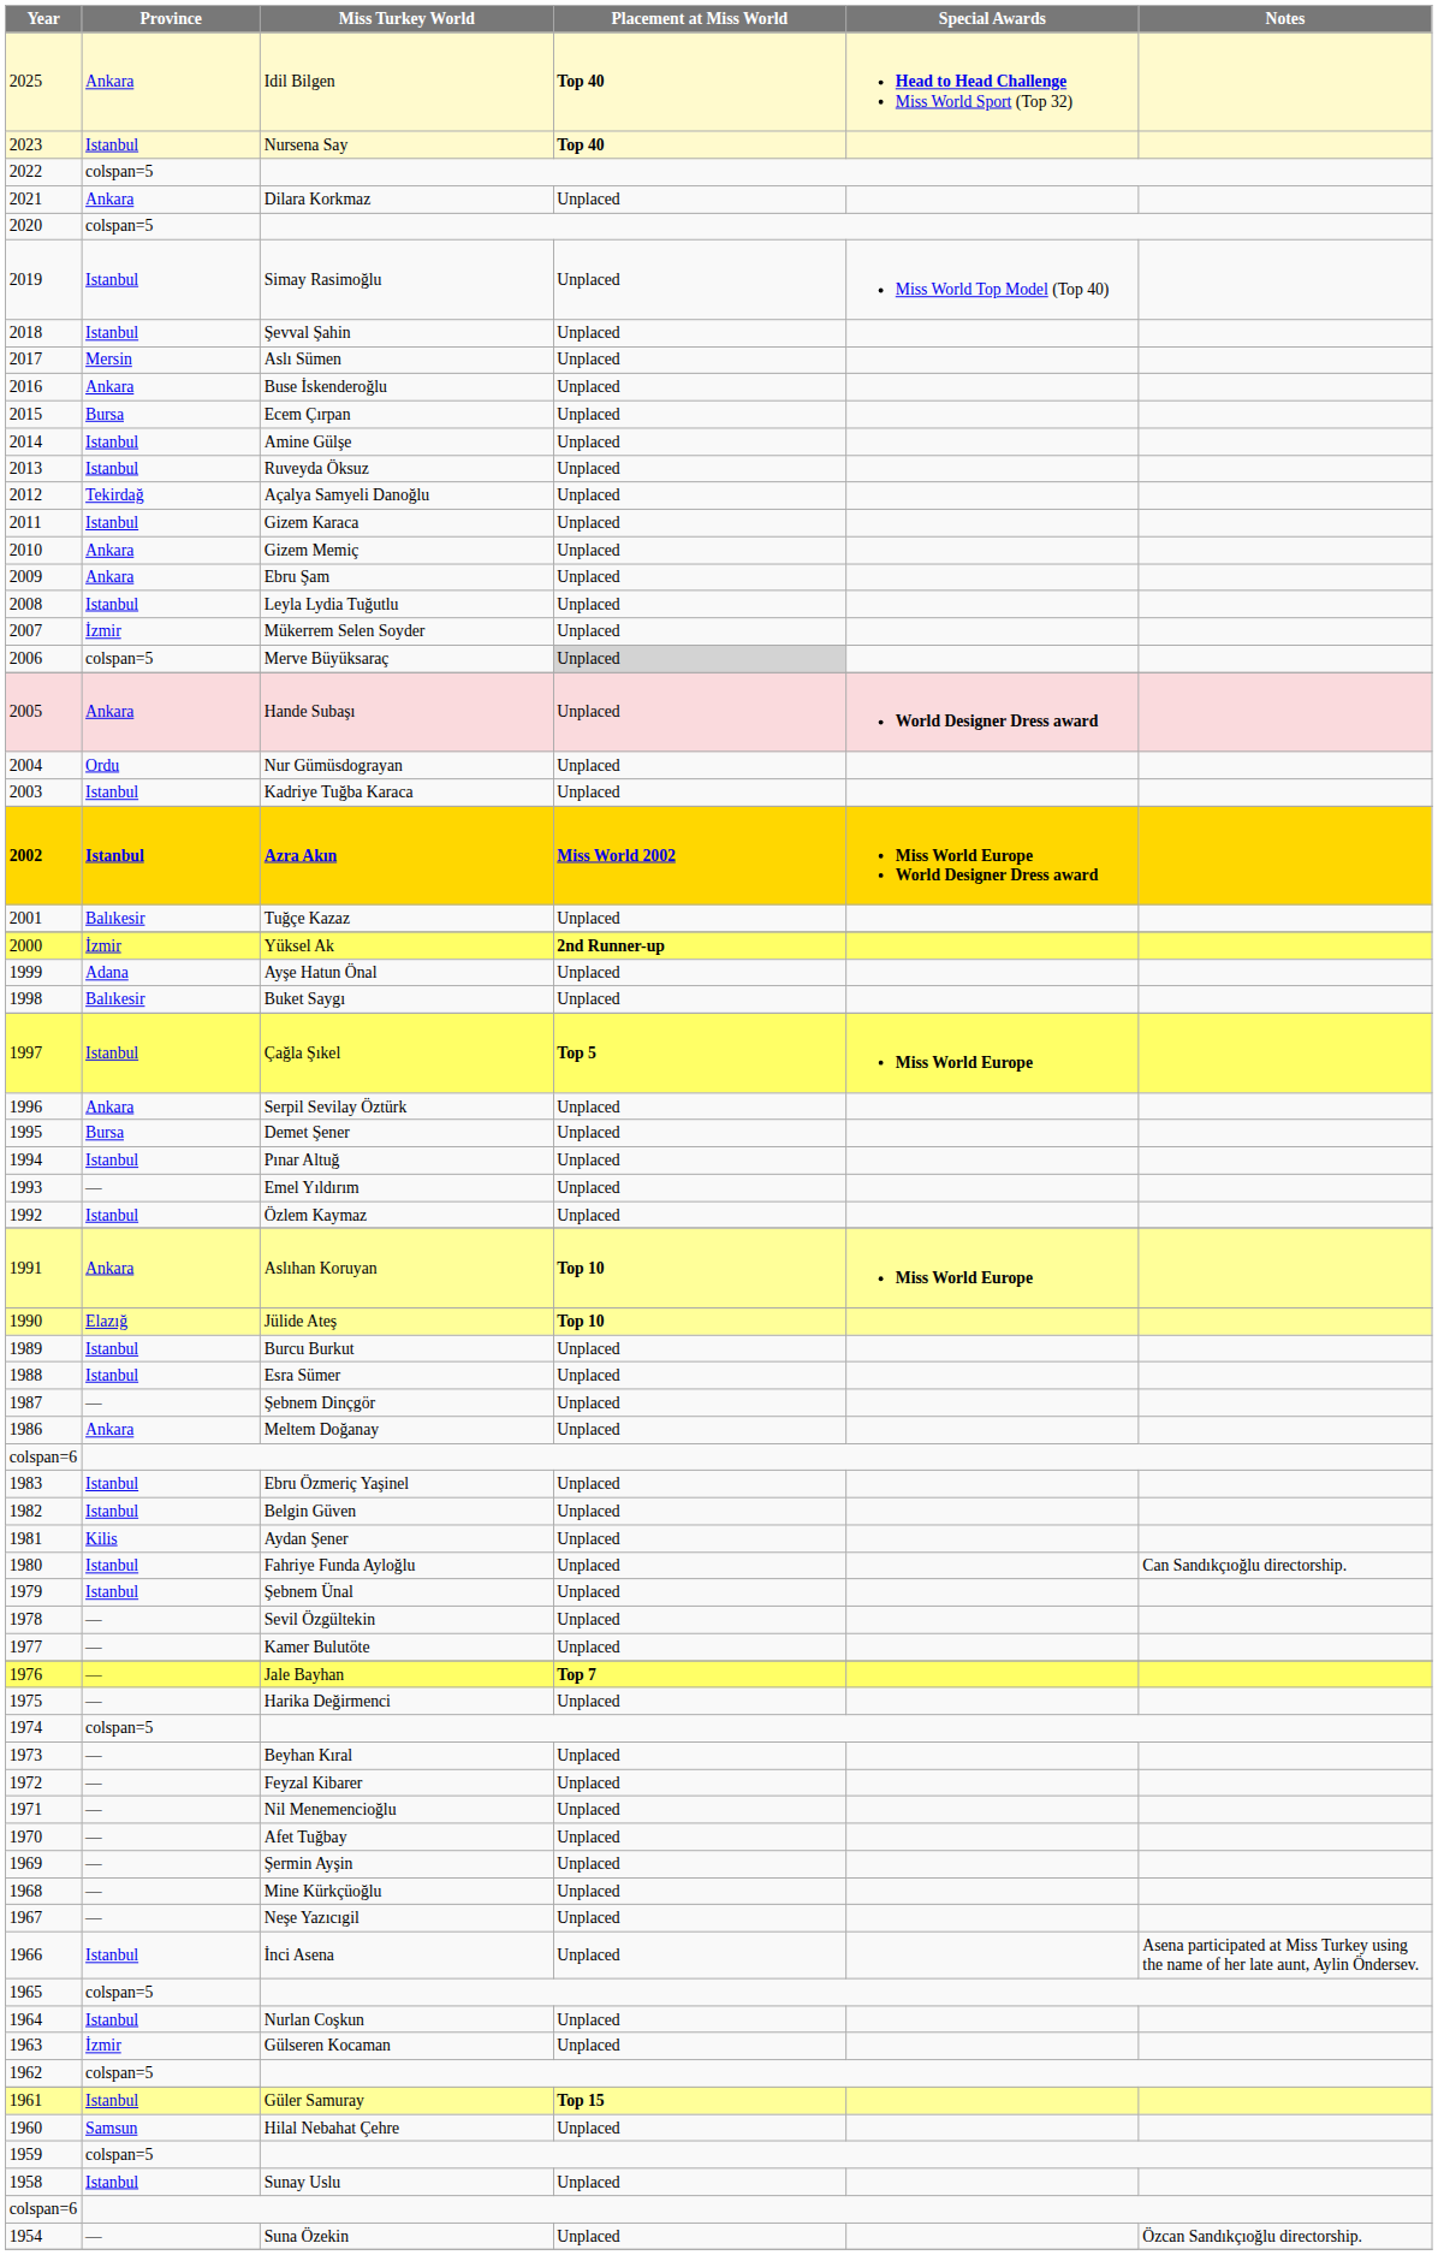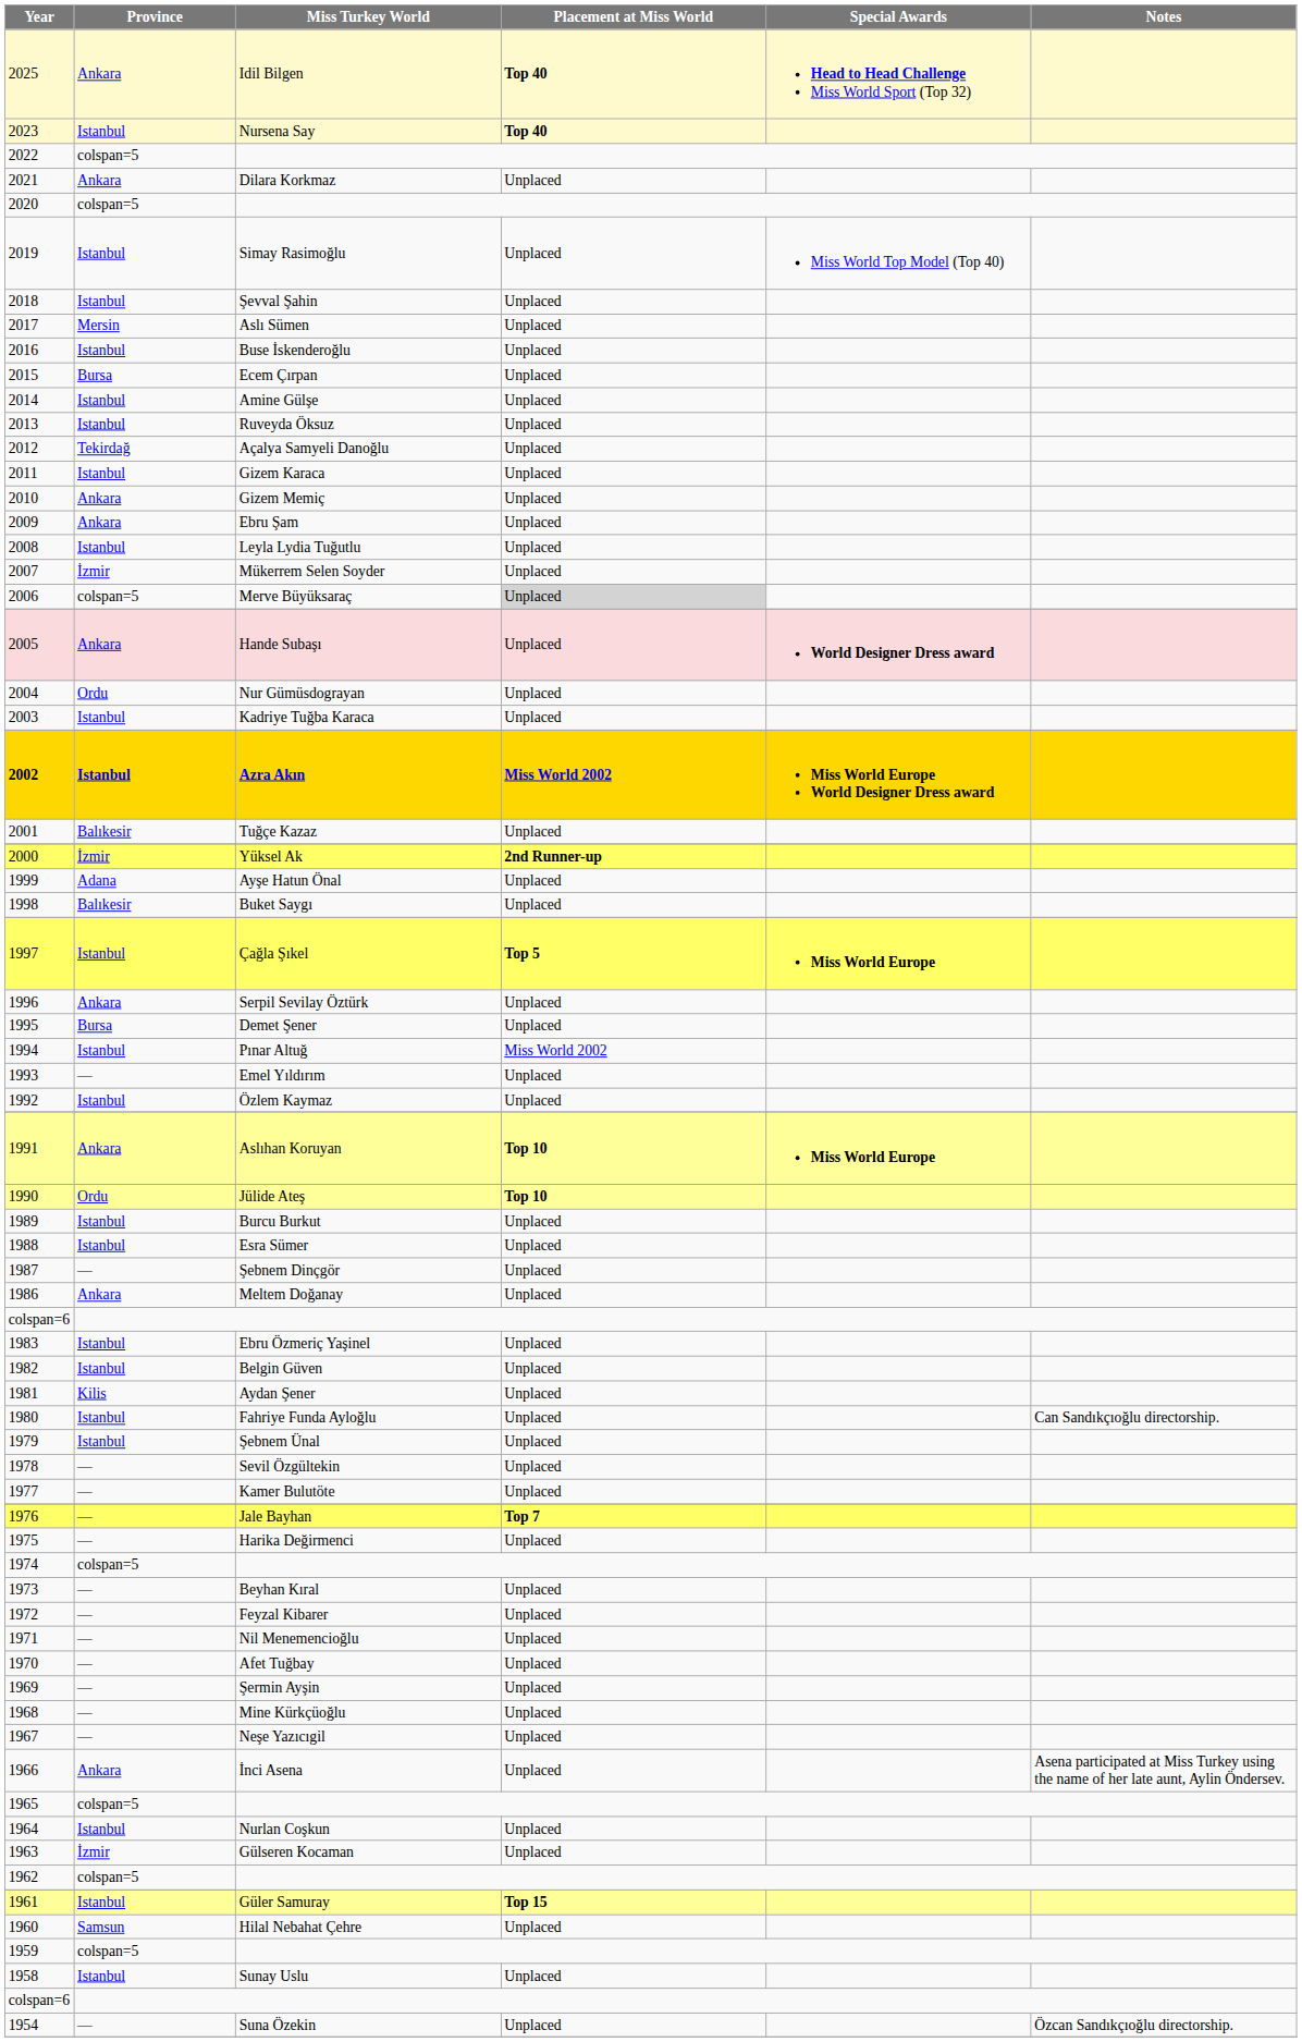 <table class="wikitable " style="font-size: 90%;">
 <tr>
 <th width="60" style="background-color:#787878;color:#FFFFFF;">Year</th>
 <th width="150" style="background-color:#787878;color:#FFFFFF;">Province</th>
 <th width="250" style="background-color:#787878;color:#FFFFFF;">Miss Turkey World</th>
 <th width="250" style="background-color:#787878;color:#FFFFFF;">Placement at Miss World</th>
 <th width="250" style="background-color:#787878;color:#FFFFFF;">Special Awards</th>
 <th width="250" style="background-color:#787878;color:#FFFFFF;">Notes</th>
 </tr>
 <tr style="background-color:#FFFACD;">
 <td>2025</td>
 <td><a href='#'>Ankara</a></td>
 <td>Idil Bilgen</td>
 <td><strong>Top 40</strong></td>
 <td align="left"><br><ul><li><strong><a href='#'>Head to Head Challenge</a></strong></li><li><a href='#'>Miss World Sport</a> (Top 32)</li></ul></td>
 <td></td>
 </tr>
 <tr style="background-color:#FFFACD;">
 <td>2023</td>
 <td><a href='#'>Istanbul</a></td>
 <td>Nursena Say</td>
 <td><strong>Top 40</strong></td>
 <td></td>
 <td></td>
 </tr>
 <tr>
 <td>2022</td>
 <td>colspan=5 </td>
 </tr>
 <tr>
 <td>2021</td>
 <td><a href='#'>Ankara</a></td>
 <td>Dilara Korkmaz</td>
 <td>Unplaced</td>
 <td></td>
 <td></td>
 </tr>
 <tr>
 <td>2020</td>
 <td>colspan=5 </td>
 </tr>
 <tr>
 <td>2019</td>
 <td><a href='#'>Istanbul</a></td>
 <td>Simay Rasimoğlu</td>
 <td>Unplaced</td>
 <td align="left"><br><ul><li><a href='#'>Miss World Top Model</a> (Top 40)</li></ul></td>
 <td></td>
 </tr>
 <tr>
 <td>2018</td>
 <td><a href='#'>Istanbul</a></td>
 <td>Şevval Şahin</td>
 <td>Unplaced</td>
 <td></td>
 <td></td>
 </tr>
 <tr>
 <td>2017</td>
 <td><a href='#'>Mersin</a></td>
 <td>Aslı Sümen</td>
 <td>Unplaced</td>
 <td></td>
 <td></td>
 </tr>
 <tr>
 <td>2016</td>
-<td><a href='#'>Ankara</a></td>
+<td><a href='#'>Istanbul</a></td>
 <td>Buse İskenderoğlu</td>
 <td>Unplaced</td>
 <td></td>
 <td></td>
 </tr>
 <tr>
 <td>2015</td>
 <td><a href='#'>Bursa</a></td>
 <td>Ecem Çırpan</td>
 <td>Unplaced</td>
 <td></td>
 <td></td>
 </tr>
 <tr>
 <td>2014</td>
 <td><a href='#'>Istanbul</a></td>
 <td>Amine Gülşe</td>
 <td>Unplaced</td>
 <td></td>
 <td></td>
 </tr>
 <tr>
 <td>2013</td>
 <td><a href='#'>Istanbul</a></td>
 <td>Ruveyda Öksuz</td>
 <td>Unplaced</td>
 <td></td>
 <td></td>
 </tr>
 <tr>
 <td>2012</td>
 <td><a href='#'>Tekirdağ</a></td>
 <td>Açalya Samyeli Danoğlu</td>
 <td>Unplaced</td>
 <td></td>
 <td></td>
 </tr>
 <tr>
 <td>2011</td>
 <td><a href='#'>Istanbul</a></td>
 <td>Gizem Karaca</td>
 <td>Unplaced</td>
 <td></td>
 <td></td>
 </tr>
 <tr>
 <td>2010</td>
 <td><a href='#'>Ankara</a></td>
 <td>Gizem Memiç</td>
 <td>Unplaced</td>
 <td></td>
 <td></td>
 </tr>
 <tr>
 <td>2009</td>
 <td><a href='#'>Ankara</a></td>
 <td>Ebru Şam</td>
 <td>Unplaced</td>
 <td></td>
 <td></td>
 </tr>
 <tr>
 <td>2008</td>
 <td><a href='#'>Istanbul</a></td>
 <td>Leyla Lydia Tuğutlu</td>
 <td>Unplaced</td>
 <td></td>
 <td></td>
 </tr>
 <tr>
 <td>2007</td>
 <td><a href='#'>İzmir</a></td>
 <td>Mükerrem Selen Soyder</td>
 <td>Unplaced</td>
 <td></td>
 <td></td>
 </tr>
 <tr>
 <td>2006</td>
 <td>colspan=5 </td>
 <td>Merve Büyüksaraç</td>
 <td style="background: lightgrey;">Unplaced</td>
 <td></td>
 <td></td>
 </tr>
 <tr>
 </tr>
 <tr style="background-color:#FADADD;">
 <td>2005</td>
 <td><a href='#'>Ankara</a></td>
 <td>Hande Subaşı</td>
 <td>Unplaced</td>
 <td align="left"><br><ul><li><strong>World Designer Dress award</strong></li></ul></td>
 <td></td>
 </tr>
 <tr>
 <td>2004</td>
 <td><a href='#'>Ordu</a></td>
 <td>Nur Gümüsdograyan</td>
 <td>Unplaced</td>
 <td></td>
 <td></td>
 </tr>
 <tr>
 <td>2003</td>
 <td><a href='#'>Istanbul</a></td>
 <td>Kadriye Tuğba Karaca</td>
 <td>Unplaced</td>
 <td></td>
 <td></td>
 </tr>
 <tr>
 </tr>
 <tr style="background-color:gold; font-weight: bold">
 <td>2002</td>
 <td><a href='#'>Istanbul</a></td>
 <td><a href='#'>Azra Akın</a></td>
 <td><a href='#'>Miss World 2002</a></td>
 <td align="left"><br><ul><li>Miss World Europe</li><li>World Designer Dress award</li></ul></td>
 <td></td>
 </tr>
 <tr>
 <td>2001</td>
 <td><a href='#'>Balıkesir</a></td>
 <td>Tuğçe Kazaz</td>
 <td>Unplaced</td>
 <td></td>
 <td></td>
 </tr>
 <tr>
 </tr>
 <tr style="background-color:#FFFF66;">
 <td>2000</td>
 <td><a href='#'>İzmir</a></td>
 <td>Yüksel Ak</td>
 <td><strong>2nd Runner-up</strong></td>
 <td></td>
 <td></td>
 </tr>
 <tr>
 <td>1999</td>
 <td><a href='#'>Adana</a></td>
 <td>Ayşe Hatun Önal</td>
 <td>Unplaced</td>
 <td></td>
 <td></td>
 </tr>
 <tr>
 <td>1998</td>
 <td><a href='#'>Balıkesir</a></td>
 <td>Buket Saygı</td>
 <td>Unplaced</td>
 <td></td>
 <td></td>
 </tr>
 <tr>
 </tr>
 <tr style="background-color:#FFFF66;">
 <td>1997</td>
 <td><a href='#'>Istanbul</a></td>
 <td>Çağla Şıkel</td>
 <td><strong>Top 5</strong></td>
 <td align="left"><br><ul><li><strong>Miss World Europe</strong></li></ul></td>
 <td></td>
 </tr>
 <tr>
 <td>1996</td>
 <td><a href='#'>Ankara</a></td>
 <td>Serpil Sevilay Öztürk</td>
 <td>Unplaced</td>
 <td></td>
 <td></td>
 </tr>
 <tr>
 <td>1995</td>
 <td><a href='#'>Bursa</a></td>
 <td>Demet Şener</td>
 <td>Unplaced</td>
 <td></td>
 <td></td>
 </tr>
 <tr>
 <td>1994</td>
 <td><a href='#'>Istanbul</a></td>
 <td>Pınar Altuğ</td>
-<td>Unplaced</td>
+<td><a href='#'>Miss World 2002</a></td>
 <td></td>
 <td></td>
 </tr>
 <tr>
 <td>1993</td>
 <td>—</td>
 <td>Emel Yıldırım</td>
 <td>Unplaced</td>
 <td></td>
 <td></td>
 </tr>
 <tr>
 <td>1992</td>
 <td><a href='#'>Istanbul</a></td>
 <td>Özlem Kaymaz</td>
 <td>Unplaced</td>
 <td></td>
 <td></td>
 </tr>
 <tr>
 </tr>
 <tr style="background-color:#FFFF99;">
 <td>1991</td>
 <td><a href='#'>Ankara</a></td>
 <td>Aslıhan Koruyan</td>
 <td><strong>Top 10</strong></td>
 <td align="left"><br><ul><li><strong>Miss World Europe</strong></li></ul></td>
 <td></td>
 </tr>
 <tr>
 </tr>
 <tr style="background-color:#FFFF99;">
 <td>1990</td>
-<td><a href='#'>Elazığ</a></td>
+<td><a href='#'>Ordu</a></td>
 <td>Jülide Ateş</td>
 <td><strong>Top 10</strong></td>
 <td></td>
 <td></td>
 </tr>
 <tr>
 <td>1989</td>
 <td><a href='#'>Istanbul</a></td>
 <td>Burcu Burkut</td>
 <td>Unplaced</td>
 <td></td>
 <td></td>
 </tr>
 <tr>
 <td>1988</td>
 <td><a href='#'>Istanbul</a></td>
 <td>Esra Sümer</td>
 <td>Unplaced</td>
 <td></td>
 <td></td>
 </tr>
 <tr>
 <td>1987</td>
 <td>—</td>
 <td>Şebnem Dinçgör</td>
 <td>Unplaced</td>
 <td></td>
 <td></td>
 </tr>
 <tr>
 <td>1986</td>
 <td><a href='#'>Ankara</a></td>
 <td>Meltem Doğanay</td>
 <td>Unplaced</td>
 <td></td>
 <td></td>
 </tr>
 <tr>
 <td>colspan=6 </td>
 </tr>
 <tr>
 <td>1983</td>
 <td><a href='#'>Istanbul</a></td>
 <td>Ebru Özmeriç Yaşinel</td>
 <td>Unplaced</td>
 <td></td>
 <td></td>
 </tr>
 <tr>
 <td>1982</td>
 <td><a href='#'>Istanbul</a></td>
 <td>Belgin Güven</td>
 <td>Unplaced</td>
 <td></td>
 <td></td>
 </tr>
 <tr>
 <td>1981</td>
 <td><a href='#'>Kilis</a></td>
 <td>Aydan Şener</td>
 <td>Unplaced</td>
 <td></td>
 <td></td>
 </tr>
 <tr>
 <td>1980</td>
 <td><a href='#'>Istanbul</a></td>
 <td>Fahriye Funda Ayloğlu</td>
 <td>Unplaced</td>
 <td></td>
 <td>Can Sandıkçıoğlu directorship.</td>
 </tr>
 <tr>
 <td>1979</td>
 <td><a href='#'>Istanbul</a></td>
 <td>Şebnem Ünal</td>
 <td>Unplaced</td>
 <td></td>
 <td></td>
 </tr>
 <tr>
 <td>1978</td>
 <td>—</td>
 <td>Sevil Özgültekin</td>
 <td>Unplaced</td>
 <td></td>
 <td></td>
 </tr>
 <tr>
 <td>1977</td>
 <td>—</td>
 <td>Kamer Bulutöte</td>
 <td>Unplaced</td>
 <td></td>
 <td></td>
 </tr>
 <tr>
 </tr>
 <tr style="background-color:#FFFF66;">
 <td>1976</td>
 <td>—</td>
 <td>Jale Bayhan</td>
 <td><strong>Top 7</strong></td>
 <td></td>
 <td></td>
 </tr>
 <tr>
 <td>1975</td>
 <td>—</td>
 <td>Harika Değirmenci</td>
 <td>Unplaced</td>
 <td></td>
 <td></td>
 </tr>
 <tr>
 <td>1974</td>
 <td>colspan=5 </td>
 </tr>
 <tr>
 <td>1973</td>
 <td>—</td>
 <td>Beyhan Kıral</td>
 <td>Unplaced</td>
 <td></td>
 <td></td>
 </tr>
 <tr>
 <td>1972</td>
 <td>—</td>
 <td>Feyzal Kibarer</td>
 <td>Unplaced</td>
 <td></td>
 <td></td>
 </tr>
 <tr>
 <td>1971</td>
 <td>—</td>
 <td>Nil Menemencioğlu</td>
 <td>Unplaced</td>
 <td></td>
 <td></td>
 </tr>
 <tr>
 <td>1970</td>
 <td>—</td>
 <td>Afet Tuğbay</td>
 <td>Unplaced</td>
 <td></td>
 <td></td>
 </tr>
 <tr>
 <td>1969</td>
 <td>—</td>
 <td>Şermin Ayşin</td>
 <td>Unplaced</td>
 <td></td>
 <td></td>
 </tr>
 <tr>
 <td>1968</td>
 <td>—</td>
 <td>Mine Kürkçüoğlu</td>
 <td>Unplaced</td>
 <td></td>
 <td></td>
 </tr>
 <tr>
 <td>1967</td>
 <td>—</td>
 <td>Neşe Yazıcıgil</td>
 <td>Unplaced</td>
 <td></td>
 <td></td>
 </tr>
 <tr>
 <td>1966</td>
-<td><a href='#'>Istanbul</a></td>
+<td><a href='#'>Ankara</a></td>
 <td>İnci Asena</td>
 <td>Unplaced</td>
 <td></td>
 <td>Asena participated at Miss Turkey using the name of her late aunt, Aylin Öndersev.</td>
 </tr>
 <tr>
 <td>1965</td>
 <td>colspan=5 </td>
 </tr>
 <tr>
 <td>1964</td>
 <td><a href='#'>Istanbul</a></td>
 <td>Nurlan Coşkun</td>
 <td>Unplaced</td>
 <td></td>
 <td></td>
 </tr>
 <tr>
 <td>1963</td>
 <td><a href='#'>İzmir</a></td>
 <td>Gülseren Kocaman</td>
 <td>Unplaced</td>
 <td></td>
 <td></td>
 </tr>
 <tr>
 <td>1962</td>
 <td>colspan=5 </td>
 </tr>
 <tr>
 </tr>
 <tr style="background-color:#FFFF99;">
 <td>1961</td>
 <td><a href='#'>Istanbul</a></td>
 <td>Güler Samuray</td>
 <td><strong>Top 15</strong></td>
 <td></td>
 <td></td>
 </tr>
 <tr>
 <td>1960</td>
 <td><a href='#'>Samsun</a></td>
 <td>Hilal Nebahat Çehre</td>
 <td>Unplaced</td>
 <td></td>
 <td></td>
 </tr>
 <tr>
 <td>1959</td>
 <td>colspan=5 </td>
 </tr>
 <tr>
 <td>1958</td>
 <td><a href='#'>Istanbul</a></td>
 <td>Sunay Uslu</td>
 <td>Unplaced</td>
 <td></td>
 <td></td>
 </tr>
 <tr>
 <td>colspan=6 </td>
 </tr>
 <tr>
 <td>1954</td>
 <td>—</td>
 <td>Suna Özekin</td>
 <td>Unplaced</td>
 <td></td>
 <td>Özcan Sandıkçıoğlu directorship.</td>
 </tr>
 <tr>
 </tr>
 </table>
